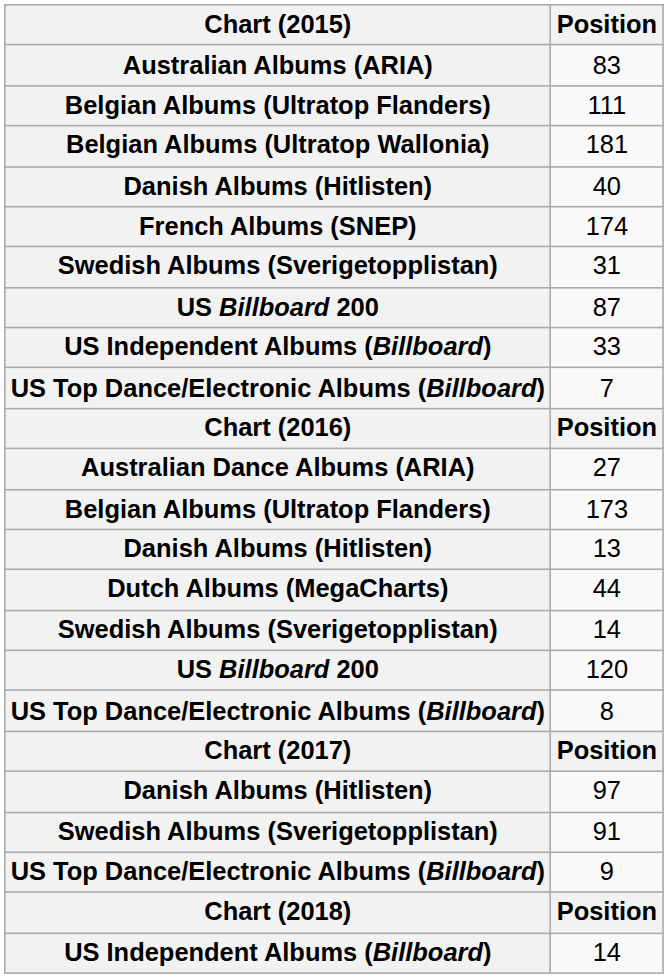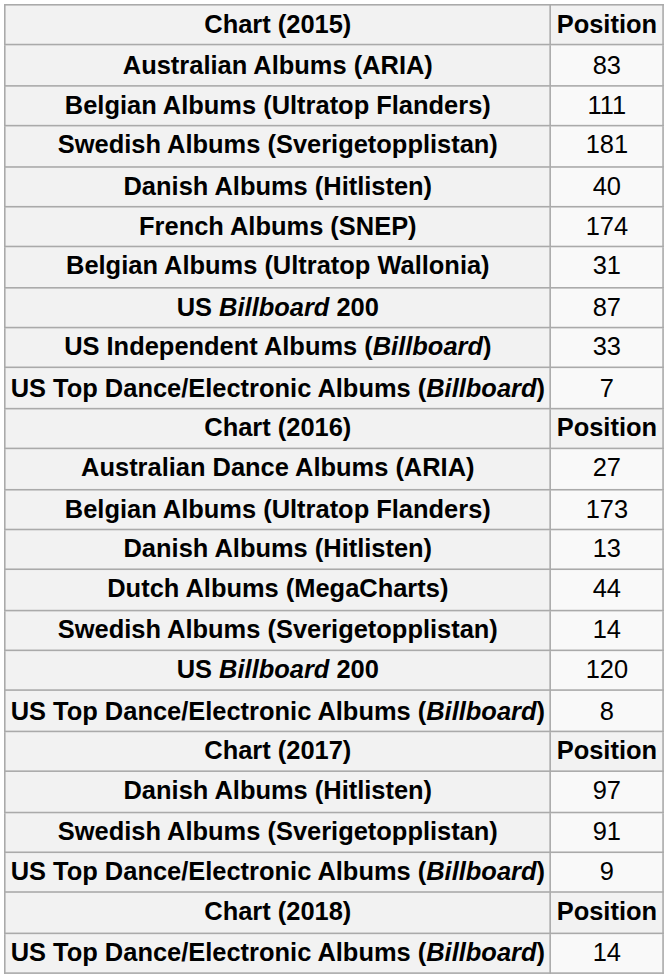 <table class="wikitable sortable plainrowheaders" style="text-align:center">
 <tr>
 <th scope="col">Chart (2015)</th>
 <th scope="col">Position</th>
 </tr>
 <tr>
 <th scope="row">Australian Albums (ARIA)</th>
 <td>83</td>
 </tr>
 <tr>
 <th scope="row">Belgian Albums (Ultratop Flanders)</th>
 <td>111</td>
 </tr>
 <tr>
-<th scope="row">Belgian Albums (Ultratop Wallonia)</th>
+<th scope="row">Swedish Albums (Sverigetopplistan)</th>
 <td>181</td>
 </tr>
 <tr>
 <th scope="row">Danish Albums (Hitlisten)</th>
 <td>40</td>
 </tr>
 <tr>
 <th scope="row">French Albums (SNEP)</th>
 <td>174</td>
 </tr>
 <tr>
-<th scope="row">Swedish Albums (Sverigetopplistan)</th>
+<th scope="row">Belgian Albums (Ultratop Wallonia)</th>
 <td>31</td>
 </tr>
 <tr>
 <th scope="row">US <em>Billboard</em> 200</th>
 <td>87</td>
 </tr>
 <tr>
 <th scope="row">US Independent Albums (<em>Billboard</em>)</th>
 <td>33</td>
 </tr>
 <tr>
 <th scope="row">US Top Dance/Electronic Albums (<em>Billboard</em>)</th>
 <td>7</td>
 </tr>
 <tr>
 <th scope="col">Chart (2016)</th>
 <th scope="col">Position</th>
 </tr>
 <tr>
 <th scope="row">Australian Dance Albums (ARIA)</th>
 <td>27</td>
 </tr>
 <tr>
 <th scope="row">Belgian Albums (Ultratop Flanders)</th>
 <td>173</td>
 </tr>
 <tr>
 <th scope="row">Danish Albums (Hitlisten)</th>
 <td>13</td>
 </tr>
 <tr>
 <th scope="row">Dutch Albums (MegaCharts)</th>
 <td>44</td>
 </tr>
 <tr>
 <th scope="row">Swedish Albums (Sverigetopplistan)</th>
 <td>14</td>
 </tr>
 <tr>
 <th scope="row">US <em>Billboard</em> 200</th>
 <td>120</td>
 </tr>
 <tr>
 <th scope="row">US Top Dance/Electronic Albums (<em>Billboard</em>)</th>
 <td>8</td>
 </tr>
 <tr>
 <th scope="col">Chart (2017)</th>
 <th scope="col">Position</th>
 </tr>
 <tr>
 <th scope="row">Danish Albums (Hitlisten)</th>
 <td>97</td>
 </tr>
 <tr>
 <th scope="row">Swedish Albums (Sverigetopplistan)</th>
 <td>91</td>
 </tr>
 <tr>
 <th scope="row">US Top Dance/Electronic Albums (<em>Billboard</em>)</th>
 <td>9</td>
 </tr>
 <tr>
 <th scope="col">Chart (2018)</th>
 <th scope="col">Position</th>
 </tr>
 <tr>
-<th scope="row">US Independent Albums (<em>Billboard</em>)</th>
+<th scope="row">US Top Dance/Electronic Albums (<em>Billboard</em>)</th>
 <td>14</td>
 </tr>
 </table>
